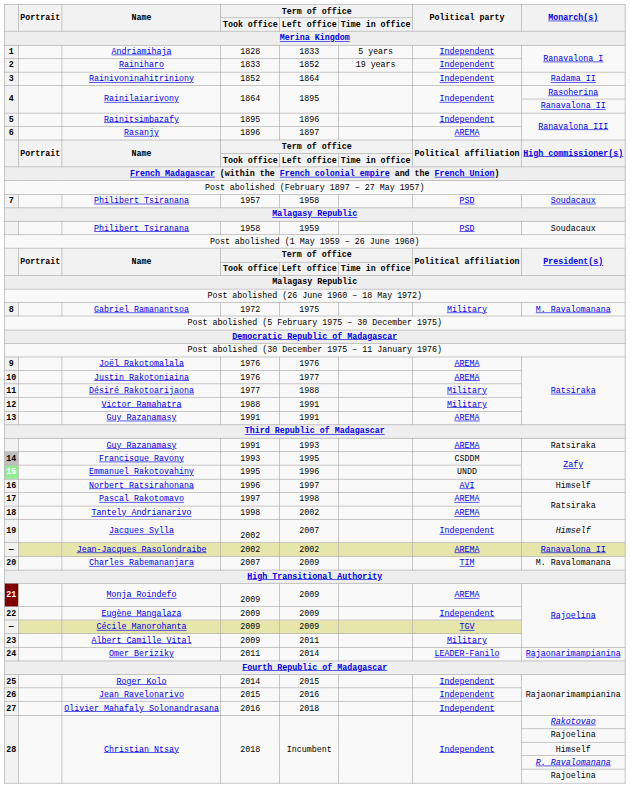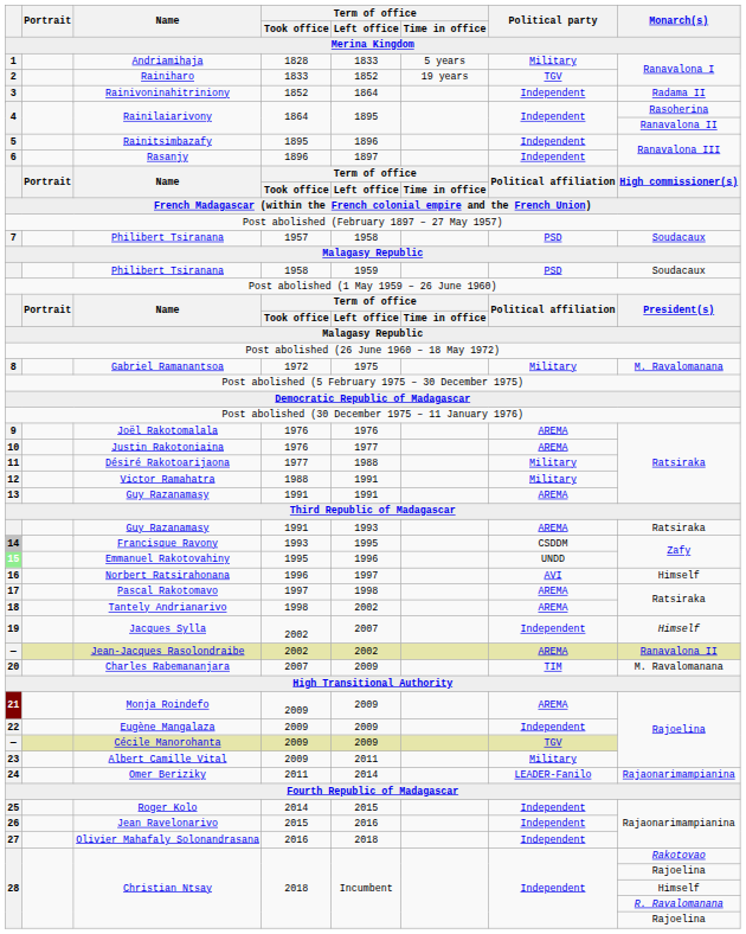 <table class="wikitable" style="text-align:center">
 <tr>
 <th rowspan="2"></th>
 <th rowspan="2">Portrait</th>
 <th rowspan="2">Name<br></th>
 <th colspan="3">Term of office</th>
 <th rowspan="2">Political party</th>
 <th rowspan="2"><a href='#'>Monarch(s)</a></th>
 </tr>
 <tr>
 <th>Took office</th>
 <th>Left office</th>
 <th>Time in office</th>
 </tr>
 <tr bgcolor=#EEEEEE>
 <td colspan="8"><strong><a href='#'>Merina Kingdom</a></strong></td>
 </tr>
 <tr>
 <th style="background:">1</th>
 <td></td>
 <td><a href='#'>Andriamihaja</a><br></td>
 <td>1828</td>
 <td>1833</td>
 <td>5 years</td>
-<td><a href='#'>Independent</a></td>
+<td><a href='#'>Military</a></td>
 <td rowspan=3><a href='#'>Ranavalona I</a></td>
 </tr>
 <tr>
 <th style="background:">2</th>
 <td></td>
 <td><a href='#'>Rainiharo</a><br></td>
 <td>1833</td>
 <td> 1852<br></td>
 <td>19 years</td>
-<td><a href='#'>Independent</a></td>
+<td><a href='#'>TGV</a></td>
 </tr>
 <tr>
 <th rowspan=3 style="background:">3</th>
 <td rowspan=3></td>
 <td rowspan=3><a href='#'>Rainivoninahitriniony</a><br></td>
 <td rowspan=3> 1852</td>
 <td rowspan=3> 1864<br></td>
 <td rowspan=3></td>
 <td rowspan=3><a href='#'>Independent</a></td>
 </tr>
 <tr>
 <td><a href='#'>Radama II</a></td>
 </tr>
 <tr>
 <td rowspan=2><a href='#'>Rasoherina</a></td>
 </tr>
 <tr>
 <th rowspan=3 style="background:">4</th>
 <td rowspan=3></td>
 <td rowspan=3><a href='#'>Rainilaiarivony</a><br></td>
 <td rowspan=3> 1864</td>
 <td rowspan=3> 1895<br></td>
 <td rowspan=3></td>
 <td rowspan=3><a href='#'>Independent</a></td>
 </tr>
 <tr>
 <td><a href='#'>Ranavalona II</a></td>
 </tr>
 <tr>
 <td rowspan=3><a href='#'>Ranavalona III</a></td>
 </tr>
 <tr>
 <th style="background:">5</th>
 <td></td>
 <td><a href='#'>Rainitsimbazafy</a></td>
 <td> 1895</td>
 <td> 1896<br></td>
 <td></td>
 <td><a href='#'>Independent</a></td>
 </tr>
 <tr>
 <th style="background:">6</th>
 <td></td>
 <td><a href='#'>Rasanjy</a><br></td>
 <td> 1896</td>
 <td> 1897</td>
 <td></td>
-<td><a href='#'>AREMA</a></td>
+<td><a href='#'>Independent</a></td>
 </tr>
 <tr>
 <th rowspan="2"></th>
 <th rowspan="2">Portrait</th>
 <th rowspan="2">Name<br></th>
 <th colspan="3">Term of office</th>
 <th rowspan="2">Political affiliation</th>
 <th rowspan="2"><a href='#'>High commissioner(s)</a></th>
 </tr>
 <tr>
 <th>Took office</th>
 <th>Left office</th>
 <th>Time in office</th>
 </tr>
 <tr bgcolor=#EEEEEE>
 <td colspan="8"><strong><a href='#'>French Madagascar</a> (within the <a href='#'>French colonial empire</a> and the <a href='#'>French Union</a>)</strong></td>
 </tr>
 <tr>
 <td colspan="8">Post abolished (February 1897 – 27 May 1957)</td>
 </tr>
 <tr>
 <th style="background:">7</th>
 <td></td>
 <td><a href='#'>Philibert Tsiranana</a><br></td>
 <td> 1957</td>
 <td> 1958</td>
 <td></td>
 <td><a href='#'>PSD</a></td>
 <td><a href='#'>Soudacaux</a></td>
 </tr>
 <tr bgcolor=#EEEEEE>
 <td colspan="8"><strong><a href='#'>Malagasy Republic</a> </strong></td>
 </tr>
 <tr>
 <th style="background:"></th>
 <td></td>
 <td><a href='#'>Philibert Tsiranana</a><br></td>
 <td> 1958</td>
 <td> 1959</td>
 <td></td>
 <td><a href='#'>PSD</a></td>
 <td>Soudacaux</td>
 </tr>
 <tr>
 <td colspan="8">Post abolished (1 May 1959 – 26 June 1960)</td>
 </tr>
 <tr>
 <th rowspan="2"></th>
 <th rowspan="2">Portrait</th>
 <th rowspan="2">Name<br></th>
 <th colspan="3">Term of office</th>
 <th rowspan="2">Political affiliation</th>
 <th rowspan="2"><a href='#'>President(s)</a></th>
 </tr>
 <tr>
 <th>Took office</th>
 <th>Left office</th>
 <th>Time in office</th>
 </tr>
 <tr bgcolor=#EEEEEE>
 <td colspan="8"><strong>Malagasy Republic </strong></td>
 </tr>
 <tr>
 <td colspan="8">Post abolished (26 June 1960 – 18 May 1972)</td>
 </tr>
 <tr>
 <th style="background:">8</th>
 <td></td>
 <td><a href='#'>Gabriel Ramanantsoa</a><br></td>
 <td> 1972</td>
 <td> 1975<br></td>
 <td></td>
 <td><a href='#'>Military</a></td>
 <td><a href='#'>M. Ravalomanana</a></td>
 </tr>
 <tr>
 <td colspan="8">Post abolished (5 February 1975 – 30 December 1975)</td>
 </tr>
 <tr bgcolor=#EEEEEE>
 <td colspan="8"><strong><a href='#'>Democratic Republic of Madagascar</a></strong></td>
 </tr>
 <tr>
 <td colspan="8">Post abolished (30 December 1975 – 11 January 1976)</td>
 </tr>
 <tr>
 <th style="background:">9</th>
 <td></td>
 <td><a href='#'>Joël Rakotomalala</a><br></td>
 <td> 1976</td>
 <td> 1976<br></td>
 <td></td>
 <td><a href='#'>AREMA</a></td>
 <td rowspan=5><a href='#'>Ratsiraka</a></td>
 </tr>
 <tr>
 <th style="background:">10</th>
 <td></td>
 <td><a href='#'>Justin Rakotoniaina</a><br></td>
 <td> 1976</td>
 <td> 1977</td>
 <td></td>
 <td><a href='#'>AREMA</a></td>
 </tr>
 <tr>
 <th style="background:">11</th>
 <td></td>
 <td><a href='#'>Désiré Rakotoarijaona</a><br></td>
 <td> 1977</td>
 <td> 1988</td>
 <td></td>
 <td><a href='#'>Military</a></td>
 </tr>
 <tr>
 <th style="background:">12</th>
 <td></td>
 <td><a href='#'>Victor Ramahatra</a><br></td>
 <td> 1988</td>
 <td> 1991</td>
 <td></td>
 <td><a href='#'>Military</a></td>
 </tr>
 <tr>
 <th style="background:">13</th>
 <td></td>
 <td><a href='#'>Guy Razanamasy</a><br></td>
 <td> 1991</td>
 <td> 1991</td>
 <td></td>
 <td><a href='#'>AREMA</a></td>
 </tr>
 <tr bgcolor=#EEEEEE>
 <td colspan="8"><strong><a href='#'>Third Republic of Madagascar</a></strong></td>
 </tr>
 <tr>
 <th rowspan=2 style="background:"></th>
 <td rowspan=2></td>
 <td rowspan=2><a href='#'>Guy Razanamasy</a><br></td>
 <td rowspan=2> 1991</td>
 <td rowspan=2> 1993</td>
 <td rowspan=2></td>
 <td rowspan=2><a href='#'>AREMA</a></td>
 <td>Ratsiraka</td>
 </tr>
 <tr>
 <td rowspan=4><a href='#'>Zafy</a></td>
 </tr>
 <tr>
 <th style="background:Silver; color:black;">14</th>
 <td></td>
 <td><a href='#'>Francisque Ravony</a><br></td>
 <td> 1993</td>
 <td> 1995</td>
 <td></td>
 <td>CSDDM</td>
 </tr>
 <tr>
 <th style="background:LightGreen; color:white;">15</th>
 <td></td>
 <td><a href='#'>Emmanuel Rakotovahiny</a><br></td>
 <td> 1995</td>
 <td> 1996</td>
 <td></td>
 <td>UNDD</td>
 </tr>
 <tr>
 <th rowspan=3 style="background:">16</th>
 <td rowspan=3></td>
 <td rowspan=3><a href='#'>Norbert Ratsirahonana</a><br></td>
 <td rowspan=3> 1996</td>
 <td rowspan=3> 1997</td>
 <td rowspan=3></td>
 <td rowspan=3><a href='#'>AVI</a></td>
 </tr>
 <tr>
 <td>Himself</td>
 </tr>
 <tr>
 <td rowspan=3>Ratsiraka</td>
 </tr>
 <tr>
 <th style="background:">17</th>
 <td></td>
 <td><a href='#'>Pascal Rakotomavo</a><br></td>
 <td> 1997</td>
 <td> 1998</td>
 <td></td>
 <td><a href='#'>AREMA</a></td>
 </tr>
 <tr>
 <th style="background:">18</th>
 <td></td>
 <td><a href='#'>Tantely Andrianarivo</a><br></td>
 <td> 1998</td>
 <td> 2002</td>
 <td></td>
 <td><a href='#'>AREMA</a></td>
 </tr>
 <tr>
 <th style="background:">19</th>
 <td></td>
 <td><a href='#'>Jacques Sylla</a><br></td>
 <td><br> 2002</td>
 <td> 2007</td>
 <td></td>
 <td><a href='#'>Independent</a></td>
 <td><em>Himself</em></td>
 </tr>
 <tr style="background:#e6e6aa;">
 <th style="background:">—</th>
 <td></td>
 <td><a href='#'>Jean-Jacques Rasolondraibe</a><br></td>
 <td> 2002</td>
 <td> 2002</td>
 <td></td>
 <td><a href='#'>AREMA</a></td>
 <td><a href='#'>Ranavalona II</a></td>
 </tr>
 <tr>
 <th style="background:">20</th>
 <td></td>
 <td><a href='#'>Charles Rabemananjara</a><br></td>
 <td> 2007</td>
 <td> 2009<br></td>
 <td></td>
 <td><a href='#'>TIM</a></td>
 <td>M. Ravalomanana</td>
 </tr>
 <tr bgcolor=#EEEEEE>
 <td colspan="8"><strong><a href='#'>High Transitional Authority</a></strong></td>
 </tr>
 <tr>
 <th style="background:Maroon; color:white;">21</th>
 <td></td>
 <td><a href='#'>Monja Roindefo</a><br></td>
 <td><br> 2009</td>
 <td> 2009<br></td>
 <td></td>
 <td><a href='#'>AREMA</a></td>
 <td rowspan=5><a href='#'>Rajoelina</a></td>
 </tr>
 <tr>
 <th style="background:">22</th>
 <td></td>
 <td><a href='#'>Eugène Mangalaza</a><br></td>
 <td> 2009</td>
 <td> 2009</td>
 <td></td>
 <td><a href='#'>Independent</a></td>
 </tr>
 <tr style="background:#e6e6aa;">
 <th style="background:">—</th>
 <td></td>
 <td><a href='#'>Cécile Manorohanta</a></td>
 <td> 2009</td>
 <td> 2009</td>
 <td></td>
 <td><a href='#'>TGV</a></td>
 </tr>
 <tr>
 <th style="background:">23</th>
 <td></td>
 <td><a href='#'>Albert Camille Vital</a><br></td>
 <td> 2009</td>
 <td> 2011</td>
 <td></td>
 <td><a href='#'>Military</a></td>
 </tr>
 <tr>
 <th rowspan=2 style="background:">24</th>
 <td rowspan=2></td>
 <td rowspan=2><a href='#'>Omer Beriziky</a><br></td>
 <td rowspan=2> 2011</td>
 <td rowspan=2> 2014</td>
 <td rowspan=2></td>
 <td rowspan=2><a href='#'>LEADER-Fanilo</a></td>
 </tr>
 <tr>
 <td><a href='#'>Rajaonarimampianina</a></td>
 </tr>
 <tr bgcolor=#EEEEEE>
 <td colspan="8"><strong><a href='#'>Fourth Republic of Madagascar</a></strong></td>
 </tr>
 <tr>
 <th style="background:">25</th>
 <td></td>
 <td><a href='#'>Roger Kolo</a><br></td>
 <td> 2014</td>
 <td> 2015</td>
 <td></td>
 <td><a href='#'>Independent</a></td>
 <td rowspan=4>Rajaonarimampianina</td>
 </tr>
 <tr>
 <th style="background:">26</th>
 <td></td>
 <td><a href='#'>Jean Ravelonarivo</a><br></td>
 <td> 2015</td>
 <td> 2016</td>
 <td></td>
 <td><a href='#'>Independent</a></td>
 </tr>
 <tr>
 <th style="background:">27</th>
 <td></td>
 <td><a href='#'>Olivier Mahafaly Solonandrasana</a><br></td>
 <td> 2016</td>
 <td> 2018</td>
 <td></td>
 <td><a href='#'>Independent</a></td>
 </tr>
 <tr>
 <th rowspan=6 style="background:">28</th>
 <td rowspan=6></td>
 <td rowspan=6><a href='#'>Christian Ntsay</a><br></td>
 <td rowspan=6> 2018</td>
 <td rowspan=6>Incumbent</td>
 <td rowspan=6></td>
 <td rowspan=6><a href='#'>Independent</a></td>
 </tr>
 <tr>
 <td><em><a href='#'>Rakotovao</a></em></td>
 </tr>
 <tr>
 <td>Rajoelina</td>
 </tr>
 <tr>
 <td>Himself</td>
 </tr>
 <tr>
 <td><em><a href='#'>R. Ravalomanana</a></em></td>
 </tr>
 <tr>
 <td>Rajoelina</td>
 </tr>
 </table>
